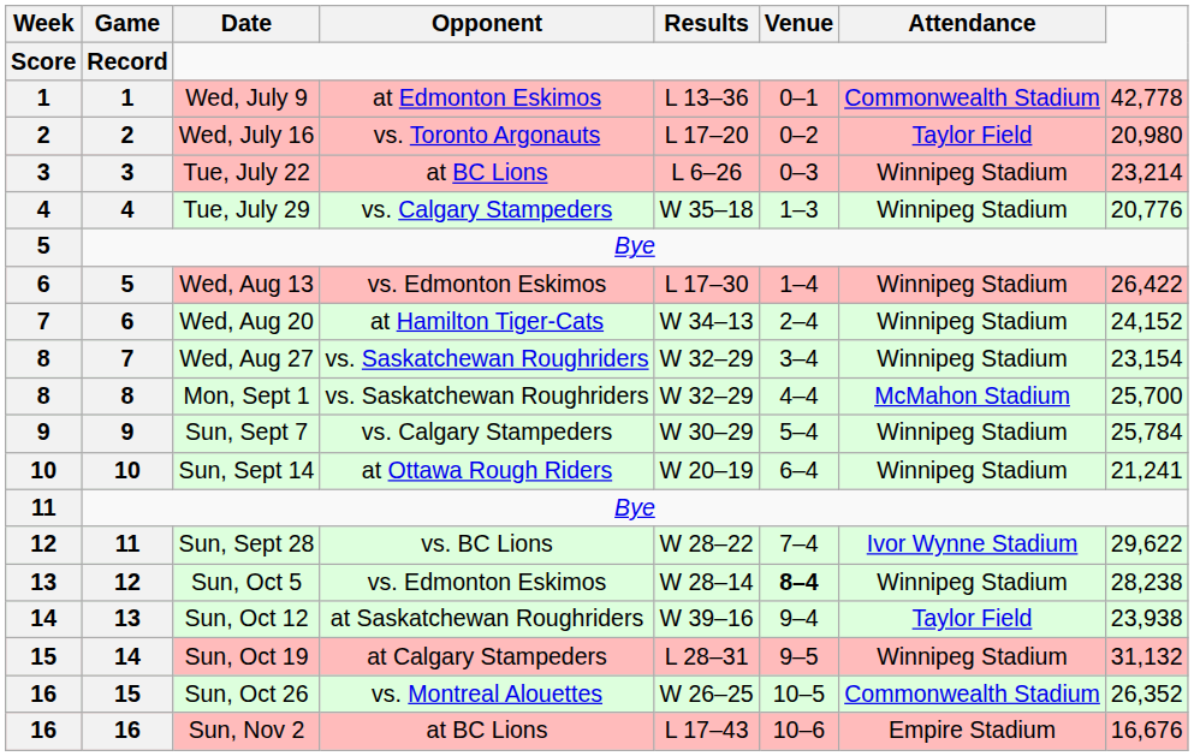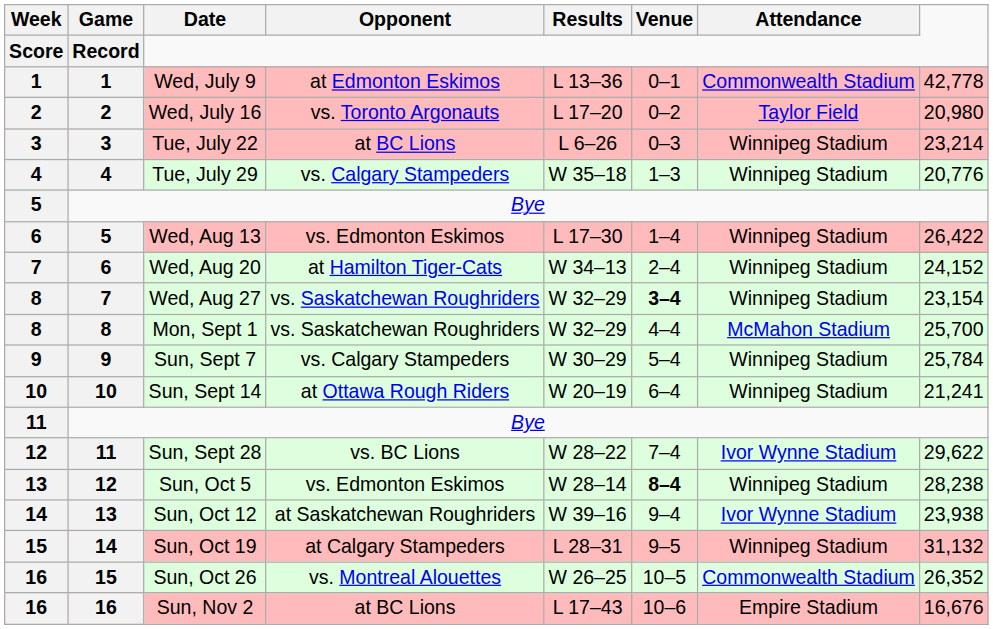 <table class="wikitable" style="text-align:center">
 <tr>
 <th>Week</th>
 <th>Game</th>
 <th>Date</th>
 <th>Opponent</th>
 <th>Results</th>
 <th>Venue</th>
 <th>Attendance</th>
 </tr>
 <tr>
 <th>Score</th>
 <th>Record</th>
 </tr>
 <tr style="background:#ffbbbb">
 <th>1</th>
 <th>1</th>
 <td>Wed, July 9</td>
 <td>at <a href='#'>Edmonton Eskimos</a></td>
 <td>L 13–36</td>
 <td>0–1</td>
 <td><a href='#'>Commonwealth Stadium</a></td>
 <td>42,778</td>
 </tr>
 <tr style="background:#ffbbbb">
 <th>2</th>
 <th>2</th>
 <td>Wed, July 16</td>
 <td>vs. <a href='#'>Toronto Argonauts</a></td>
 <td>L 17–20</td>
 <td>0–2</td>
 <td><a href='#'>Taylor Field</a></td>
 <td>20,980</td>
 </tr>
 <tr style="background:#ffbbbb">
 <th>3</th>
 <th>3</th>
 <td>Tue, July 22</td>
 <td>at <a href='#'>BC Lions</a></td>
 <td>L 6–26</td>
 <td>0–3</td>
 <td>Winnipeg Stadium</td>
 <td>23,214</td>
 </tr>
 <tr style="background:#ddffdd">
 <th>4</th>
 <th>4</th>
 <td>Tue, July 29</td>
 <td>vs. <a href='#'>Calgary Stampeders</a></td>
 <td>W 35–18</td>
 <td>1–3</td>
 <td>Winnipeg Stadium</td>
 <td>20,776</td>
 </tr>
 <tr>
 <th>5</th>
 <td colspan=7><em><a href='#'>Bye</a></em></td>
 </tr>
 <tr style="background:#ffbbbb">
 <th>6</th>
 <th>5</th>
 <td>Wed, Aug 13</td>
 <td>vs. Edmonton Eskimos</td>
 <td>L 17–30</td>
 <td>1–4</td>
 <td>Winnipeg Stadium</td>
 <td>26,422</td>
 </tr>
 <tr style="background:#ddffdd">
 <th>7</th>
 <th>6</th>
 <td>Wed, Aug 20</td>
 <td>at <a href='#'>Hamilton Tiger-Cats</a></td>
 <td>W 34–13</td>
 <td>2–4</td>
 <td>Winnipeg Stadium</td>
 <td>24,152</td>
 </tr>
 <tr style="background:#ddffdd">
 <th>8</th>
 <th>7</th>
 <td>Wed, Aug 27</td>
 <td>vs. <a href='#'>Saskatchewan Roughriders</a></td>
 <td>W 32–29</td>
-<td>3–4</td>
+<td><strong>3–4</strong></td>
 <td>Winnipeg Stadium</td>
 <td>23,154</td>
 </tr>
 <tr style="background:#ddffdd">
 <th>8</th>
 <th>8</th>
 <td>Mon, Sept 1</td>
 <td>vs. Saskatchewan Roughriders</td>
 <td>W 32–29</td>
 <td>4–4</td>
 <td><a href='#'>McMahon Stadium</a></td>
 <td>25,700</td>
 </tr>
 <tr style="background:#ddffdd">
 <th>9</th>
 <th>9</th>
 <td>Sun, Sept 7</td>
 <td>vs. Calgary Stampeders</td>
 <td>W 30–29</td>
 <td>5–4</td>
 <td>Winnipeg Stadium</td>
 <td>25,784</td>
 </tr>
 <tr style="background:#ddffdd">
 <th>10</th>
 <th>10</th>
 <td>Sun, Sept 14</td>
 <td>at <a href='#'>Ottawa Rough Riders</a></td>
 <td>W 20–19</td>
 <td>6–4</td>
 <td>Winnipeg Stadium</td>
 <td>21,241</td>
 </tr>
 <tr>
 <th>11</th>
 <td colspan=7><em><a href='#'>Bye</a></em></td>
 </tr>
 <tr style="background:#ddffdd">
 <th>12</th>
 <th>11</th>
 <td>Sun, Sept 28</td>
 <td>vs. BC Lions</td>
 <td>W 28–22</td>
 <td>7–4</td>
 <td><a href='#'>Ivor Wynne Stadium</a></td>
 <td>29,622</td>
 </tr>
 <tr style="background:#ddffdd">
 <th>13</th>
 <th>12</th>
 <td>Sun, Oct 5</td>
 <td>vs. Edmonton Eskimos</td>
 <td>W 28–14</td>
 <td><strong>8–4</strong></td>
 <td>Winnipeg Stadium</td>
 <td>28,238</td>
 </tr>
 <tr style="background:#ddffdd">
 <th>14</th>
 <th>13</th>
 <td>Sun, Oct 12</td>
 <td>at Saskatchewan Roughriders</td>
 <td>W 39–16</td>
 <td>9–4</td>
-<td><a href='#'>Taylor Field</a></td>
+<td><a href='#'>Ivor Wynne Stadium</a></td>
 <td>23,938</td>
 </tr>
 <tr style="background:#ffbbbb">
 <th>15</th>
 <th>14</th>
 <td>Sun, Oct 19</td>
 <td>at Calgary Stampeders</td>
 <td>L 28–31</td>
 <td>9–5</td>
 <td>Winnipeg Stadium</td>
 <td>31,132</td>
 </tr>
 <tr style="background:#ddffdd">
 <th>16</th>
 <th>15</th>
 <td>Sun, Oct 26</td>
 <td>vs. <a href='#'>Montreal Alouettes</a></td>
 <td>W 26–25</td>
 <td>10–5</td>
 <td><a href='#'>Commonwealth Stadium</a></td>
 <td>26,352</td>
 </tr>
 <tr style="background:#ffbbbb">
 <th>16</th>
 <th>16</th>
 <td>Sun, Nov 2</td>
 <td>at BC Lions</td>
 <td>L 17–43</td>
 <td>10–6</td>
 <td>Empire Stadium</td>
 <td>16,676</td>
 </tr>
 </table>
